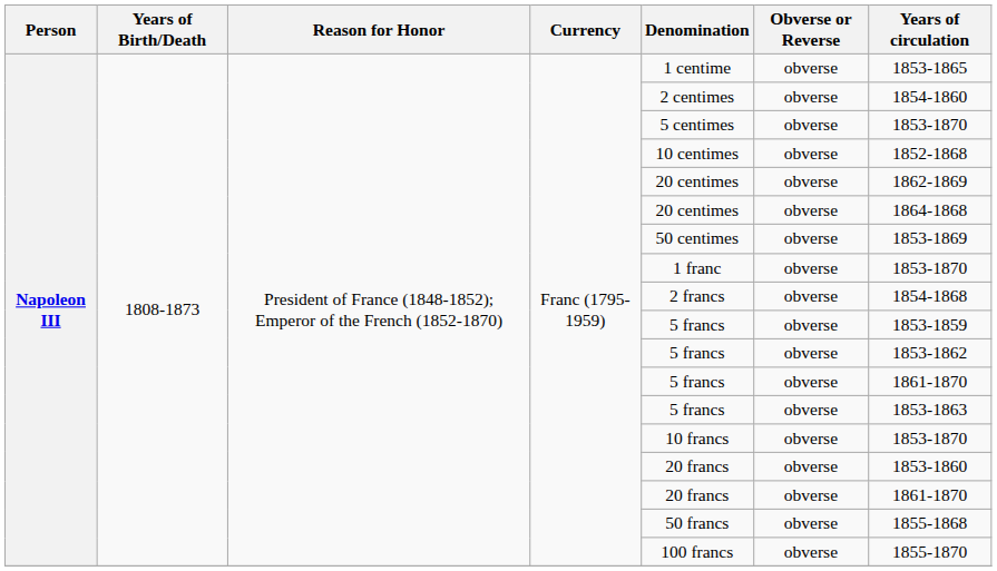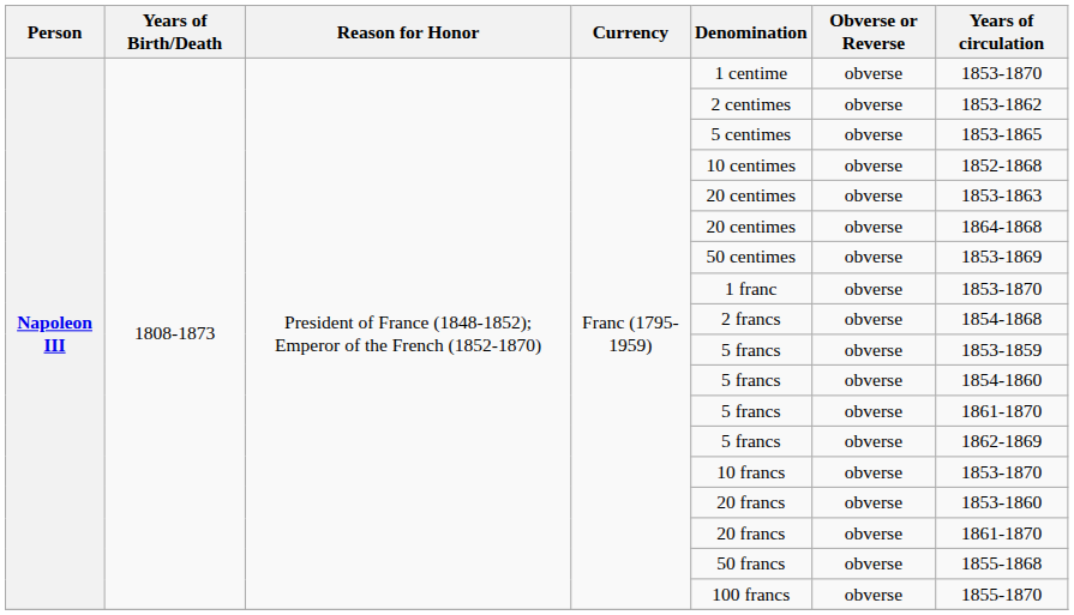 <table class="wikitable" style="font-size:95%; text-align:center;">
 <tr>
 <th>Person</th>
 <th>Years of Birth/Death</th>
 <th>Reason for Honor</th>
 <th>Currency</th>
 <th>Denomination</th>
 <th>Obverse or Reverse</th>
 <th>Years of circulation</th>
 </tr>
 <tr>
 <th rowspan="18"><a href='#'>Napoleon III</a></th>
 <td rowspan="18">1808-1873</td>
 <td rowspan="18">President of France (1848-1852); Emperor of the French (1852-1870)</td>
 <td rowspan="18">Franc (1795-1959)</td>
 <td>1 centime</td>
 <td>obverse</td>
-<td>1853-1865</td>
+<td>1853-1870</td>
 </tr>
 <tr>
 <td>2 centimes</td>
 <td>obverse</td>
-<td>1854-1860</td>
+<td>1853-1862</td>
 </tr>
 <tr>
 <td>5 centimes</td>
 <td>obverse</td>
-<td>1853-1870</td>
+<td>1853-1865</td>
 </tr>
 <tr>
 <td>10 centimes</td>
 <td>obverse</td>
 <td>1852-1868</td>
 </tr>
 <tr>
 <td>20 centimes</td>
 <td>obverse</td>
-<td>1862-1869</td>
+<td>1853-1863</td>
 </tr>
 <tr>
 <td>20 centimes</td>
 <td>obverse</td>
 <td>1864-1868</td>
 </tr>
 <tr>
 <td>50 centimes</td>
 <td>obverse</td>
 <td>1853-1869</td>
 </tr>
 <tr>
 <td>1 franc</td>
 <td>obverse</td>
 <td>1853-1870</td>
 </tr>
 <tr>
 <td>2 francs</td>
 <td>obverse</td>
 <td>1854-1868</td>
 </tr>
 <tr>
 <td>5 francs</td>
 <td>obverse</td>
 <td>1853-1859</td>
 </tr>
 <tr>
 <td>5 francs</td>
 <td>obverse</td>
-<td>1853-1862</td>
+<td>1854-1860</td>
 </tr>
 <tr>
 <td>5 francs</td>
 <td>obverse</td>
 <td>1861-1870</td>
 </tr>
 <tr>
 <td>5 francs</td>
 <td>obverse</td>
-<td>1853-1863</td>
+<td>1862-1869</td>
 </tr>
 <tr>
 <td>10 francs</td>
 <td>obverse</td>
 <td>1853-1870</td>
 </tr>
 <tr>
 <td>20 francs</td>
 <td>obverse</td>
 <td>1853-1860</td>
 </tr>
 <tr>
 <td>20 francs</td>
 <td>obverse</td>
 <td>1861-1870</td>
 </tr>
 <tr>
 <td>50 francs</td>
 <td>obverse</td>
 <td>1855-1868</td>
 </tr>
 <tr>
 <td>100 francs</td>
 <td>obverse</td>
 <td>1855-1870</td>
 </tr>
 <tr>
 </tr>
 </table>
